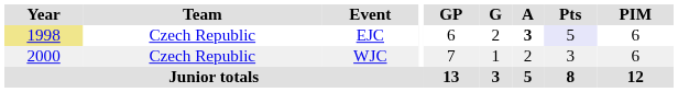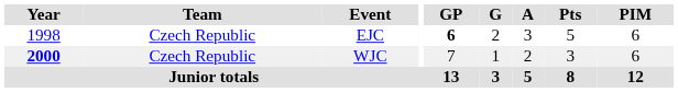 <table border="0" cellpadding="1" cellspacing="0" ID="Table3" style="text-align:center; width:40em">
 <tr bgcolor="#e0e0e0">
 <th>Year</th>
 <th>Team</th>
 <th>Event</th>
 <th rowspan="102" bgcolor="#ffffff"></th>
 <th>GP</th>
 <th>G</th>
 <th>A</th>
 <th>Pts</th>
 <th>PIM</th>
 </tr>
 <tr>
-<td style="background: khaki;"><a href='#'>1998</a></td>
+<td><a href='#'>1998</a></td>
 <td><a href='#'>Czech Republic</a></td>
 <td><a href='#'>EJC</a></td>
-<td>6</td>
+<td><strong>6</strong></td>
 <td>2</td>
-<td><strong>3</strong></td>
-<td style="background: lavender;">5</td>
+<td>3</td>
+<td>5</td>
 <td>6</td>
 </tr>
 <tr bgcolor="#f0f0f0">
-<td><a href='#'>2000</a></td>
+<td><strong><a href='#'>2000</a></strong></td>
 <td><a href='#'>Czech Republic</a></td>
 <td><a href='#'>WJC</a></td>
 <td>7</td>
 <td>1</td>
 <td>2</td>
 <td>3</td>
 <td>6</td>
 </tr>
 <tr bgcolor="#e0e0e0">
 <th colspan="4">Junior totals</th>
 <th>13</th>
 <th>3</th>
 <th>5</th>
 <th>8</th>
 <th>12</th>
 </tr>
 </table>
